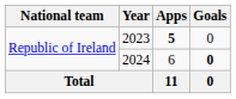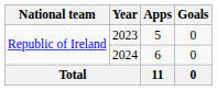 <table class=wikitable style=text-align:center>
 <tr>
 <th>National team</th>
 <th>Year</th>
 <th>Apps</th>
 <th>Goals</th>
 </tr>
 <tr>
 <td rowspan="2"><a href='#'>Republic of Ireland</a></td>
 <td>2023</td>
-<td><strong>5</strong></td>
+<td>5</td>
 <td>0</td>
 </tr>
 <tr>
 <td>2024</td>
 <td>6</td>
-<td><strong>0</strong></td>
+<td>0</td>
 </tr>
 <tr>
 <th colspan="2">Total</th>
 <th>11</th>
 <th>0</th>
 </tr>
 </table>
